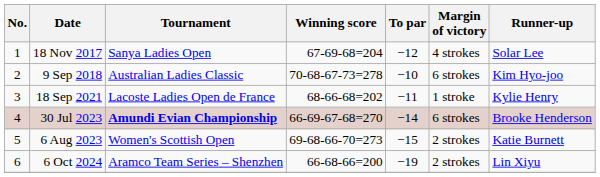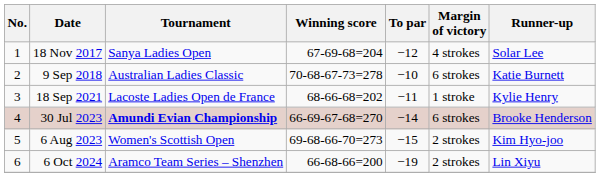 <table class="wikitable" style="font-size:95%;">
 <tr>
 <th>No.</th>
 <th>Date</th>
 <th>Tournament</th>
 <th>Winning score</th>
 <th>To par</th>
 <th>Margin<br>of victory</th>
 <th>Runner-up</th>
 </tr>
 <tr>
 <td align=center>1</td>
 <td align=right>18 Nov <a href='#'>2017</a></td>
 <td><a href='#'>Sanya Ladies Open</a></td>
 <td align=right>67-69-68=204</td>
 <td align=center>−12</td>
 <td>4 strokes</td>
 <td> <a href='#'>Solar Lee</a></td>
 </tr>
 <tr>
 <td align=center>2</td>
 <td align=right>9 Sep <a href='#'>2018</a></td>
 <td><a href='#'>Australian Ladies Classic</a></td>
 <td align=right>70-68-67-73=278</td>
 <td align=center>−10</td>
 <td>6 strokes</td>
-<td> <a href='#'>Kim Hyo-joo</a></td>
+<td> <a href='#'>Katie Burnett</a></td>
 </tr>
 <tr>
 <td align=center>3</td>
 <td align=right>18 Sep <a href='#'>2021</a></td>
 <td><a href='#'>Lacoste Ladies Open de France</a></td>
 <td align=right>68-66-68=202</td>
 <td align=center>−11</td>
 <td>1 stroke</td>
 <td> <a href='#'>Kylie Henry</a></td>
 </tr>
 <tr style="background:#e5d1cb">
 <td align=center>4</td>
 <td align=right>30 Jul <a href='#'>2023</a></td>
 <td><strong><a href='#'>Amundi Evian Championship</a></strong></td>
 <td align=right>66-69-67-68=270</td>
 <td align=center>−14</td>
 <td>6 strokes</td>
 <td> <a href='#'>Brooke Henderson</a></td>
 </tr>
 <tr>
 <td align=center>5</td>
 <td align=right>6 Aug <a href='#'>2023</a></td>
 <td><a href='#'>Women's Scottish Open</a></td>
 <td align=right>69-68-66-70=273</td>
 <td align=center>−15</td>
 <td>2 strokes</td>
-<td> <a href='#'>Katie Burnett</a></td>
+<td> <a href='#'>Kim Hyo-joo</a></td>
 </tr>
 <tr>
 <td align=center>6</td>
 <td align=right>6 Oct  <a href='#'>2024</a></td>
 <td><a href='#'>Aramco Team Series – Shenzhen</a></td>
 <td align=right>66-68-66=200</td>
 <td align=center>−19</td>
 <td>2 strokes</td>
 <td> <a href='#'>Lin Xiyu</a></td>
 </tr>
 <tr>
 </tr>
 </table>
